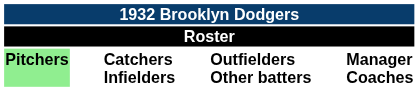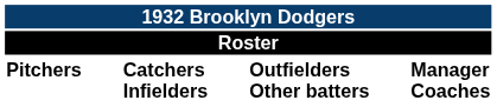 <table class="toccolours" style="font-size: 95%;">
 <tr>
 <th colspan="10" style="background:#083c6b; color:white; text-align:center;">1932 Brooklyn Dodgers</th>
 </tr>
 <tr>
 <td colspan="10" style="background:black; color:white; text-align:center;"><strong>Roster</strong></td>
 </tr>
 <tr>
-<td valign="top" style="background: lightgreen;"><strong>Pitchers</strong><br>            </td>
+<td valign="top"><strong>Pitchers</strong><br>            </td>
 <td style="width:25px;"></td>
 <td valign="top"><strong>Catchers</strong><br>    <strong>Infielders</strong>          </td>
 <td style="width:25px;"></td>
 <td valign="top"><strong>Outfielders</strong><br>       <strong>Other batters</strong> </td>
 <td style="width:25px;"></td>
 <td valign="top"><strong>Manager</strong><br> <strong>Coaches</strong>  </td>
 </tr>
 </table>
